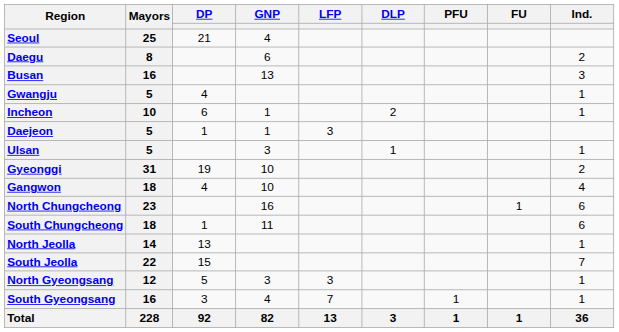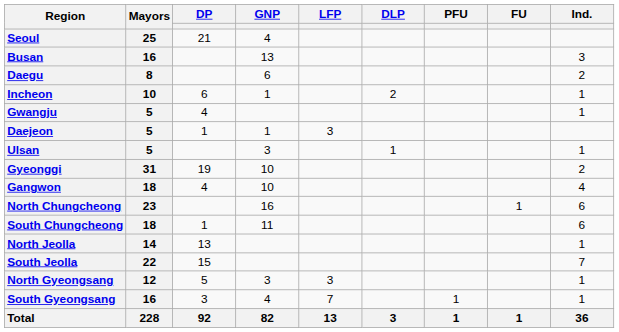 <table class="wikitable" style="text-align:center; font-size: 0.9em;">
 <tr>
 <th rowspan="2">Region</th>
 <th rowspan="2">Mayors</th>
 <th class="unsortable" style="width:70px;"><a href='#'>DP</a></th>
 <th class="unsortable" style="width:70px;"><a href='#'>GNP</a></th>
 <th class="unsortable" style="width:70px;"><a href='#'>LFP</a></th>
 <th class="unsortable" style="width:70px;"><a href='#'>DLP</a></th>
 <th class="unsortable" style="width:70px;">PFU</th>
 <th class="unsortable" style="width:70px;">FU</th>
 <th class="unsortable" style="width:70px;">Ind.</th>
 </tr>
 <tr>
 <th style="background:"></th>
 <th style="background:"></th>
 <th style="background:"></th>
 <th style="background:"></th>
 <th></th>
 <th></th>
 <th style="background:"></th>
 </tr>
 <tr>
 <th style="text-align: left;"><a href='#'>Seoul</a></th>
 <th>25</th>
 <td>21</td>
 <td>4</td>
 <td></td>
 <td></td>
 <td></td>
 <td></td>
 <td></td>
 </tr>
 <tr>
+<th style="text-align: left;"><a href='#'>Busan</a></th>
+<th>16</th>
+<td></td>
+<td>13</td>
+<td></td>
+<td></td>
+<td></td>
+<td></td>
+<td>3</td>
+</tr>
+<tr>
 <th style="text-align: left;"><a href='#'>Daegu</a></th>
 <th>8</th>
 <td></td>
 <td>6</td>
 <td></td>
 <td></td>
 <td></td>
 <td></td>
 <td>2</td>
 </tr>
 <tr>
-<th style="text-align: left;"><a href='#'>Busan</a></th>
-<th>16</th>
+<th style="text-align: left;"><a href='#'>Incheon</a></th>
+<th>10</th>
+<td>6</td>
+<td>1</td>
 <td></td>
-<td>13</td>
+<td>2</td>
 <td></td>
 <td></td>
-<td></td>
-<td></td>
-<td>3</td>
+<td>1</td>
 </tr>
 <tr>
 <th style="text-align: left;"><a href='#'>Gwangju</a></th>
 <th>5</th>
 <td>4</td>
 <td></td>
 <td></td>
 <td></td>
-<td></td>
-<td></td>
-<td>1</td>
-</tr>
-<tr>
-<th style="text-align: left;"><a href='#'>Incheon</a></th>
-<th>10</th>
-<td>6</td>
-<td>1</td>
-<td></td>
-<td>2</td>
 <td></td>
 <td></td>
 <td>1</td>
 </tr>
 <tr>
 <th style="text-align: left;"><a href='#'>Daejeon</a></th>
 <th>5</th>
 <td>1</td>
 <td>1</td>
 <td>3</td>
 <td></td>
 <td></td>
 <td></td>
 <td></td>
 </tr>
 <tr>
 <th style="text-align: left;"><a href='#'>Ulsan</a></th>
 <th>5</th>
 <td></td>
 <td>3</td>
 <td></td>
 <td>1</td>
 <td></td>
 <td></td>
 <td>1</td>
 </tr>
 <tr>
 <th style="text-align: left;"><a href='#'>Gyeonggi</a></th>
 <th>31</th>
 <td>19</td>
 <td>10</td>
 <td></td>
 <td></td>
 <td></td>
 <td></td>
 <td>2</td>
 </tr>
 <tr>
 <th style="text-align: left;"><a href='#'>Gangwon</a></th>
 <th>18</th>
 <td>4</td>
 <td>10</td>
 <td></td>
 <td></td>
 <td></td>
 <td></td>
 <td>4</td>
 </tr>
 <tr>
 <th style="text-align: left;"><a href='#'>North Chungcheong</a></th>
 <th>23</th>
 <td></td>
 <td>16</td>
 <td></td>
 <td></td>
 <td></td>
 <td>1</td>
 <td>6</td>
 </tr>
 <tr>
 <th style="text-align: left;"><a href='#'>South Chungcheong</a></th>
 <th>18</th>
 <td>1</td>
 <td>11</td>
 <td></td>
 <td></td>
 <td></td>
 <td></td>
 <td>6</td>
 </tr>
 <tr>
 <th style="text-align: left;"><a href='#'>North Jeolla</a></th>
 <th>14</th>
 <td>13</td>
 <td></td>
 <td></td>
 <td></td>
 <td></td>
 <td></td>
 <td>1</td>
 </tr>
 <tr>
 <th style="text-align: left;"><a href='#'>South Jeolla</a></th>
 <th>22</th>
 <td>15</td>
 <td></td>
 <td></td>
 <td></td>
 <td></td>
 <td></td>
 <td>7</td>
 </tr>
 <tr>
 <th style="text-align: left;"><a href='#'>North Gyeongsang</a></th>
 <th>12</th>
 <td>5</td>
 <td>3</td>
 <td>3</td>
 <td></td>
 <td></td>
 <td></td>
 <td>1</td>
 </tr>
 <tr>
 <th style="text-align: left;"><a href='#'>South Gyeongsang</a></th>
 <th>16</th>
 <td>3</td>
 <td>4</td>
 <td>7</td>
 <td></td>
 <td>1</td>
 <td></td>
 <td>1</td>
 </tr>
 <tr class="sortbottom">
 <th style="text-align: left;">Total</th>
 <th>228</th>
 <th>92</th>
 <th>82</th>
 <th>13</th>
 <th>3</th>
 <th>1</th>
 <th>1</th>
 <th>36</th>
 </tr>
 </table>
